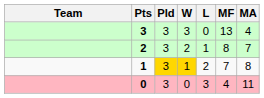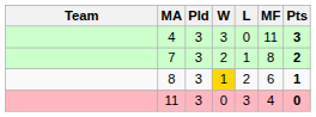 <table class=wikitable style="text-align:center">
 <tr>
 <th width=175>Team</th>
-<th width=20>Pts</th>
+<th width=20>MA</th>
 <th width=20>Pld</th>
 <th width=20>W</th>
 <th width=20>L</th>
 <th width=20>MF</th>
-<th width=20>MA</th>
+<th width=20>Pts</th>
 </tr>
 <tr bgcolor=ccffcc>
 <td style="text-align:left"></td>
-<td><strong>3</strong></td>
+<td>4</td>
 <td>3</td>
 <td>3</td>
 <td>0</td>
-<td>13</td>
-<td>4</td>
+<td>11</td>
+<td><strong>3</strong></td>
 </tr>
 <tr bgcolor=ccffcc>
 <td style="text-align:left"></td>
-<td><strong>2</strong></td>
+<td>7</td>
 <td>3</td>
 <td>2</td>
 <td>1</td>
 <td>8</td>
-<td>7</td>
+<td><strong>2</strong></td>
 </tr>
 <tr>
 <td style="text-align:left"></td>
-<td><strong>1</strong></td>
-<td style="background: gold;">3</td>
+<td>8</td>
+<td>3</td>
 <td style="background: gold;">1</td>
 <td>2</td>
-<td>7</td>
-<td>8</td>
+<td>6</td>
+<td><strong>1</strong></td>
 </tr>
 <tr bgcolor=ffb6c1>
 <td style="text-align:left"></td>
-<td><strong>0</strong></td>
+<td>11</td>
 <td>3</td>
 <td>0</td>
 <td>3</td>
 <td>4</td>
-<td>11</td>
+<td><strong>0</strong></td>
 </tr>
 </table>
